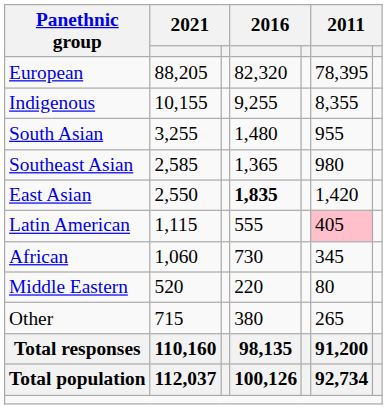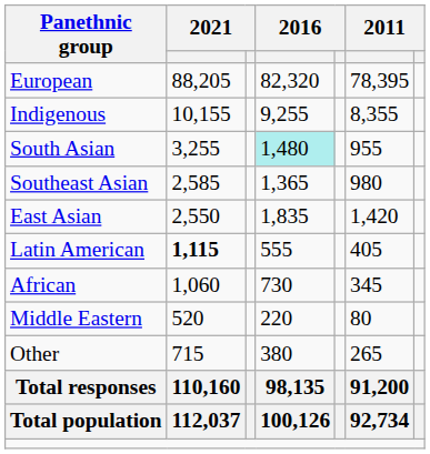 <table class="wikitable collapsible sortable">
 <tr>
 <th rowspan="2"><a href='#'>Panethnic</a><br>group</th>
 <th colspan="2">2021</th>
 <th colspan="2">2016</th>
 <th colspan="2">2011</th>
 </tr>
 <tr>
 <th><a href='#'></a></th>
 <th></th>
 <th></th>
 <th></th>
 <th></th>
 <th></th>
 </tr>
 <tr>
 <td><a href='#'>European</a></td>
 <td>88,205</td>
 <td></td>
 <td>82,320</td>
 <td></td>
 <td>78,395</td>
 <td></td>
 </tr>
 <tr>
 <td><a href='#'>Indigenous</a></td>
 <td>10,155</td>
 <td></td>
 <td>9,255</td>
 <td></td>
 <td>8,355</td>
 <td></td>
 </tr>
 <tr>
 <td><a href='#'>South Asian</a></td>
 <td>3,255</td>
 <td></td>
-<td>1,480</td>
+<td style="background: paleturquoise;">1,480</td>
 <td></td>
 <td>955</td>
 <td></td>
 </tr>
 <tr>
 <td><a href='#'>Southeast Asian</a></td>
 <td>2,585</td>
 <td></td>
 <td>1,365</td>
 <td></td>
 <td>980</td>
 <td></td>
 </tr>
 <tr>
 <td><a href='#'>East Asian</a></td>
 <td>2,550</td>
 <td></td>
-<td><strong>1,835</strong></td>
+<td>1,835</td>
 <td></td>
 <td>1,420</td>
 <td></td>
 </tr>
 <tr>
 <td><a href='#'>Latin American</a></td>
-<td>1,115</td>
+<td><strong>1,115</strong></td>
 <td></td>
 <td>555</td>
 <td></td>
-<td style="background: pink;">405</td>
+<td>405</td>
 <td></td>
 </tr>
 <tr>
 <td><a href='#'>African</a></td>
 <td>1,060</td>
 <td></td>
 <td>730</td>
 <td></td>
 <td>345</td>
 <td></td>
 </tr>
 <tr>
 <td><a href='#'>Middle Eastern</a></td>
 <td>520</td>
 <td></td>
 <td>220</td>
 <td></td>
 <td>80</td>
 <td></td>
 </tr>
 <tr>
 <td>Other</td>
 <td>715</td>
 <td></td>
 <td>380</td>
 <td></td>
 <td>265</td>
 <td></td>
 </tr>
 <tr>
 <th>Total responses</th>
 <th>110,160</th>
 <th></th>
 <th>98,135</th>
 <th></th>
 <th>91,200</th>
 <th></th>
 </tr>
 <tr>
 <th>Total population</th>
 <th>112,037</th>
 <th></th>
 <th>100,126</th>
 <th></th>
 <th>92,734</th>
 <th></th>
 </tr>
 <tr class="sortbottom">
 <td colspan="15"></td>
 </tr>
 </table>
